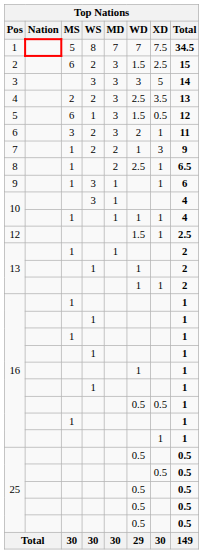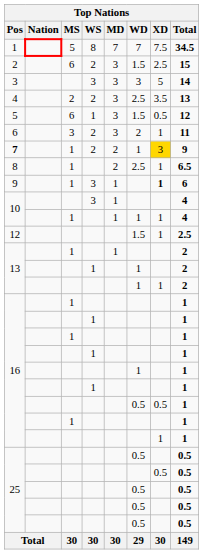 <table class="wikitable" style="text-align:center">
 <tr>
 <th colspan="10">Top Nations</th>
 </tr>
 <tr>
 <th>Pos</th>
 <th>Nation</th>
 <th>MS</th>
 <th>WS</th>
 <th>MD</th>
 <th>WD</th>
 <th>XD</th>
 <th>Total</th>
 </tr>
 <tr>
 <td>1</td>
 <td align="left" style="border: 3px solid red"><strong></strong></td>
 <td>5</td>
 <td>8</td>
 <td>7</td>
 <td>7</td>
 <td>7.5</td>
 <td><strong>34.5</strong></td>
 </tr>
 <tr>
 <td>2</td>
 <td align="left"></td>
 <td>6</td>
 <td>2</td>
 <td>3</td>
 <td>1.5</td>
 <td>2.5</td>
 <td><strong>15</strong></td>
 </tr>
 <tr>
 <td>3</td>
 <td align="left"></td>
 <td></td>
 <td>3</td>
 <td>3</td>
 <td>3</td>
 <td>5</td>
 <td><strong>14</strong></td>
 </tr>
 <tr>
 <td>4</td>
 <td align="left"></td>
 <td>2</td>
 <td>2</td>
 <td>3</td>
 <td>2.5</td>
 <td>3.5</td>
 <td><strong>13</strong></td>
 </tr>
 <tr>
 <td>5</td>
 <td align="left"></td>
 <td>6</td>
 <td>1</td>
 <td>3</td>
 <td>1.5</td>
 <td>0.5</td>
 <td><strong>12</strong></td>
 </tr>
 <tr>
 <td>6</td>
 <td align="left"></td>
 <td>3</td>
 <td>2</td>
 <td>3</td>
 <td>2</td>
 <td>1</td>
 <td><strong>11</strong></td>
 </tr>
 <tr>
-<td>7</td>
+<td><strong>7</strong></td>
 <td align="left"></td>
 <td>1</td>
 <td>2</td>
 <td>2</td>
 <td>1</td>
-<td>3</td>
+<td style="background: gold;">3</td>
 <td><strong>9</strong></td>
 </tr>
 <tr>
 <td>8</td>
 <td align="left"></td>
 <td>1</td>
 <td></td>
 <td>2</td>
 <td>2.5</td>
 <td>1</td>
 <td><strong>6.5</strong></td>
 </tr>
 <tr>
 <td>9</td>
 <td align="left"></td>
 <td>1</td>
 <td>3</td>
 <td>1</td>
 <td></td>
-<td>1</td>
+<td><strong>1</strong></td>
 <td><strong>6</strong></td>
 </tr>
 <tr>
 <td rowspan="2">10</td>
 <td align="left"></td>
 <td></td>
 <td>3</td>
 <td>1</td>
 <td></td>
 <td></td>
 <td><strong>4</strong></td>
 </tr>
 <tr>
 <td align="left"></td>
 <td>1</td>
 <td></td>
 <td>1</td>
 <td>1</td>
 <td>1</td>
 <td><strong>4</strong></td>
 </tr>
 <tr>
 <td>12</td>
 <td align="left"></td>
 <td></td>
 <td></td>
 <td></td>
 <td>1.5</td>
 <td>1</td>
 <td><strong>2.5</strong></td>
 </tr>
 <tr>
 <td rowspan="3">13</td>
 <td align="left"></td>
 <td>1</td>
 <td></td>
 <td>1</td>
 <td></td>
 <td></td>
 <td><strong>2</strong></td>
 </tr>
 <tr>
 <td align="left"></td>
 <td></td>
 <td>1</td>
 <td></td>
 <td>1</td>
 <td></td>
 <td><strong>2</strong></td>
 </tr>
 <tr>
 <td align="left"></td>
 <td></td>
 <td></td>
 <td></td>
 <td>1</td>
 <td>1</td>
 <td><strong>2</strong></td>
 </tr>
 <tr>
 <td rowspan="9">16</td>
 <td align="left"></td>
 <td>1</td>
 <td></td>
 <td></td>
 <td></td>
 <td></td>
 <td><strong>1</strong></td>
 </tr>
 <tr>
 <td align="left"></td>
 <td></td>
 <td>1</td>
 <td></td>
 <td></td>
 <td></td>
 <td><strong>1</strong></td>
 </tr>
 <tr>
 <td align="left"></td>
 <td>1</td>
 <td></td>
 <td></td>
 <td></td>
 <td></td>
 <td><strong>1</strong></td>
 </tr>
 <tr>
 <td align="left"></td>
 <td></td>
 <td>1</td>
 <td></td>
 <td></td>
 <td></td>
 <td><strong>1</strong></td>
 </tr>
 <tr>
 <td align="left"></td>
 <td></td>
 <td></td>
 <td></td>
 <td>1</td>
 <td></td>
 <td><strong>1</strong></td>
 </tr>
 <tr>
 <td align="left"></td>
 <td></td>
 <td>1</td>
 <td></td>
 <td></td>
 <td></td>
 <td><strong>1</strong></td>
 </tr>
 <tr>
 <td align="left"></td>
 <td></td>
 <td></td>
 <td></td>
 <td>0.5</td>
 <td>0.5</td>
 <td><strong>1</strong></td>
 </tr>
 <tr>
 <td align="left"></td>
 <td>1</td>
 <td></td>
 <td></td>
 <td></td>
 <td></td>
 <td><strong>1</strong></td>
 </tr>
 <tr>
 <td align="left"></td>
 <td></td>
 <td></td>
 <td></td>
 <td></td>
 <td>1</td>
 <td><strong>1</strong></td>
 </tr>
 <tr>
 <td rowspan="5">25</td>
 <td align="left"></td>
 <td></td>
 <td></td>
 <td></td>
 <td>0.5</td>
 <td></td>
 <td><strong>0.5</strong></td>
 </tr>
 <tr>
 <td align="left"></td>
 <td></td>
 <td></td>
 <td></td>
 <td></td>
 <td>0.5</td>
 <td><strong>0.5</strong></td>
 </tr>
 <tr>
 <td align="left"></td>
 <td></td>
 <td></td>
 <td></td>
 <td>0.5</td>
 <td></td>
 <td><strong>0.5</strong></td>
 </tr>
 <tr>
 <td align="left"></td>
 <td></td>
 <td></td>
 <td></td>
 <td>0.5</td>
 <td></td>
 <td><strong>0.5</strong></td>
 </tr>
 <tr>
 <td align="left"></td>
 <td></td>
 <td></td>
 <td></td>
 <td>0.5</td>
 <td></td>
 <td><strong>0.5</strong></td>
 </tr>
 <tr>
 <th colspan="2">Total</th>
 <th>30</th>
 <th>30</th>
 <th>30</th>
 <th>29</th>
 <th>30</th>
 <th>149</th>
 </tr>
 </table>
